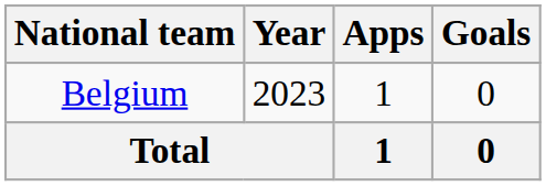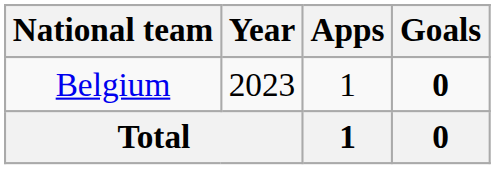 <table class=wikitable style=text-align:center>
 <tr>
 <th>National team</th>
 <th>Year</th>
 <th>Apps</th>
 <th>Goals</th>
 </tr>
 <tr>
 <td><a href='#'>Belgium</a></td>
 <td>2023</td>
 <td>1</td>
-<td>0</td>
+<td><strong>0</strong></td>
 </tr>
 <tr>
 <th colspan="2">Total</th>
 <th>1</th>
 <th>0</th>
 </tr>
 </table>
